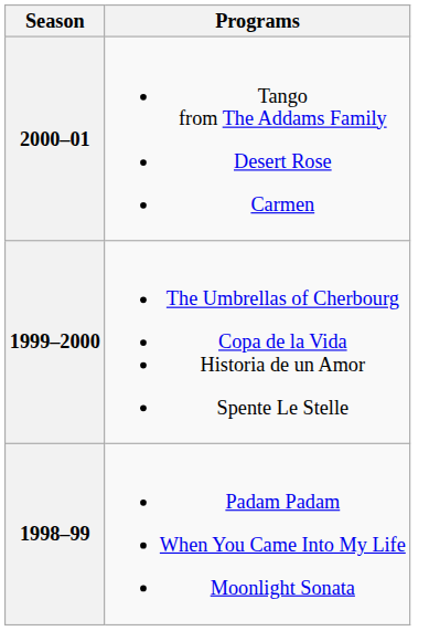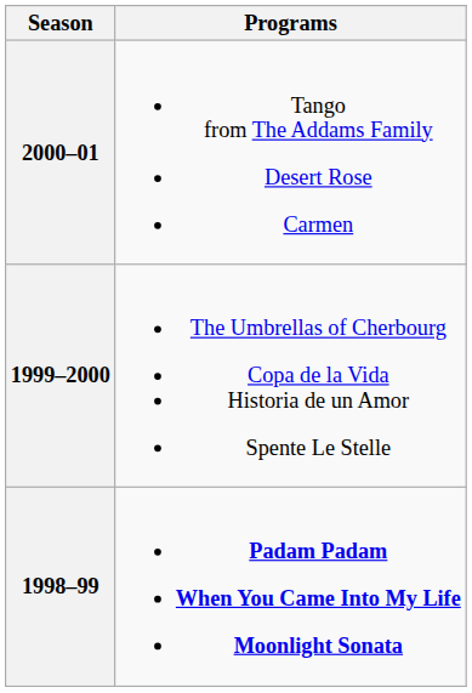 <table class="wikitable" style="text-align:center">
 <tr>
 <th>Season</th>
 <th>Programs</th>
 </tr>
 <tr>
 <th>2000–01</th>
 <td><br><ul><li>Tango<br>from <a href='#'>The Addams Family</a></li></ul><ul><li><a href='#'>Desert Rose</a><br></li></ul><ul><li><a href='#'>Carmen</a><br></li></ul></td>
 </tr>
 <tr>
 <th>1999–2000</th>
 <td><br><ul><li><a href='#'>The Umbrellas of Cherbourg</a><br></li></ul><ul><li><a href='#'>Copa de la Vida</a></li><li>Historia de un Amor</li></ul><ul><li>Spente Le Stelle<br></li></ul></td>
 </tr>
 <tr>
 <th>1998–99</th>
-<td><br><ul><li><a href='#'>Padam Padam</a><br></li></ul><ul><li><a href='#'>When You Came Into My Life</a></li></ul><ul><li><a href='#'>Moonlight Sonata</a><br></li></ul></td>
+<td><strong><br><ul><li><a href='#'>Padam Padam</a><br></li></ul><ul><li><a href='#'>When You Came Into My Life</a></li></ul><ul><li><a href='#'>Moonlight Sonata</a><br></li></ul></strong></td>
 </tr>
 </table>
